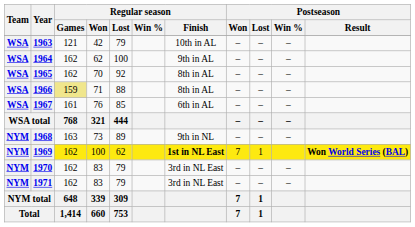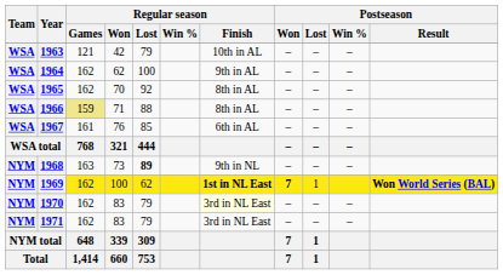 <table class="wikitable" style="font-size: 95%; text-align:center;">
 <tr>
 <th rowspan="2">Team</th>
 <th rowspan="2">Year</th>
 <th colspan="5">Regular season</th>
 <th colspan="4">Postseason</th>
 </tr>
 <tr>
 <th>Games</th>
 <th>Won</th>
 <th>Lost</th>
 <th>Win %</th>
 <th>Finish</th>
 <th>Won</th>
 <th>Lost</th>
 <th>Win %</th>
 <th>Result</th>
 </tr>
 <tr>
 </tr>
 <tr>
 <th><a href='#'>WSA</a></th>
 <th><a href='#'>1963</a></th>
 <td>121</td>
 <td>42</td>
 <td>79</td>
 <td></td>
 <td>10th in AL</td>
 <td>–</td>
 <td>–</td>
 <td>–</td>
 <td></td>
 </tr>
 <tr>
 <th><a href='#'>WSA</a></th>
 <th><a href='#'>1964</a></th>
 <td>162</td>
 <td>62</td>
 <td>100</td>
 <td></td>
 <td>9th in AL</td>
 <td>–</td>
 <td>–</td>
 <td>–</td>
 <td></td>
 </tr>
 <tr>
 <th><a href='#'>WSA</a></th>
 <th><a href='#'>1965</a></th>
 <td>162</td>
 <td>70</td>
 <td>92</td>
 <td></td>
 <td>8th in AL</td>
 <td>–</td>
 <td>–</td>
 <td>–</td>
 <td></td>
 </tr>
 <tr>
 <th><a href='#'>WSA</a></th>
 <th><a href='#'>1966</a></th>
 <td style="background: khaki;">159</td>
 <td>71</td>
 <td>88</td>
 <td></td>
 <td>8th in AL</td>
 <td>–</td>
 <td>–</td>
 <td>–</td>
 <td></td>
 </tr>
 <tr>
 <th><a href='#'>WSA</a></th>
 <th><a href='#'>1967</a></th>
 <td>161</td>
 <td>76</td>
 <td>85</td>
 <td></td>
 <td>6th in AL</td>
 <td>–</td>
 <td>–</td>
 <td>–</td>
 <td></td>
 </tr>
 <tr>
 <th colspan="2">WSA total</th>
 <th>768</th>
 <th>321</th>
 <th>444</th>
 <th></th>
 <th></th>
 <th>–</th>
 <th>–</th>
 <th>–</th>
 <th></th>
 </tr>
 <tr>
 <th><a href='#'>NYM</a></th>
 <th><a href='#'>1968</a></th>
 <td>163</td>
 <td>73</td>
-<td>89</td>
+<td><strong>89</strong></td>
 <td></td>
 <td>9th in NL</td>
 <td>–</td>
 <td>–</td>
 <td>–</td>
 <td></td>
 </tr>
 <tr ! style="background:#FDE910;">
 <th><a href='#'>NYM</a></th>
 <th><a href='#'>1969</a></th>
 <td>162</td>
 <td>100</td>
 <td>62</td>
 <td></td>
 <td><strong>1st in NL East</strong></td>
-<td>7</td>
+<td><strong>7</strong></td>
 <td>1</td>
 <td></td>
 <td><strong>Won <a href='#'>World Series</a> (<a href='#'>BAL</a>)</strong></td>
 </tr>
 <tr>
 <th><a href='#'>NYM</a></th>
 <th><a href='#'>1970</a></th>
 <td>162</td>
 <td>83</td>
 <td>79</td>
 <td></td>
-<td>3rd in NL East</td>
+<td style="background: lightyellow;">3rd in NL East</td>
 <td>–</td>
 <td>–</td>
 <td>–</td>
 <td></td>
 </tr>
 <tr>
 <th><a href='#'>NYM</a></th>
 <th><a href='#'>1971</a></th>
 <td>162</td>
 <td>83</td>
 <td>79</td>
 <td></td>
 <td>3rd in NL East</td>
 <td>–</td>
 <td>–</td>
 <td>–</td>
 <td></td>
 </tr>
 <tr>
 <th colspan="2">NYM total</th>
 <th>648</th>
 <th>339</th>
 <th>309</th>
 <th></th>
 <th></th>
 <th>7</th>
 <th>1</th>
 <th></th>
 <th></th>
 </tr>
 <tr>
 <th colspan="2">Total</th>
 <th>1,414</th>
 <th>660</th>
 <th>753</th>
 <th></th>
 <th></th>
 <th>7</th>
 <th>1</th>
 <th></th>
 <th></th>
 </tr>
 </table>
